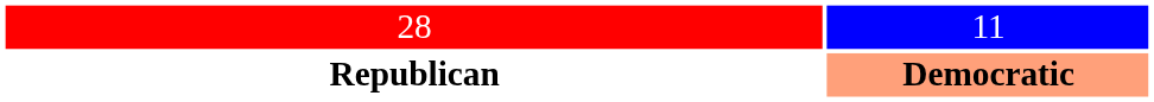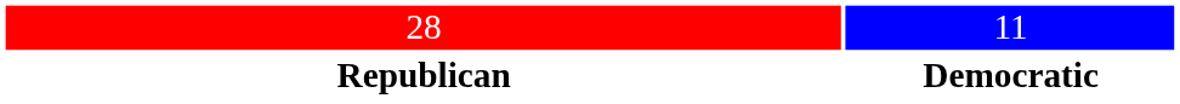 <table style="width:60%; text-align:center;">
 <tr style="color:white;">
 <td style="background:red; width:71.79%;">28</td>
 <td style="background:blue; width:28.21%;">11</td>
 </tr>
 <tr>
 <td><span><strong>Republican</strong></span></td>
-<td style="background: lightsalmon;"><span><strong>Democratic</strong></span></td>
+<td><span><strong>Democratic</strong></span></td>
 </tr>
 </table>
